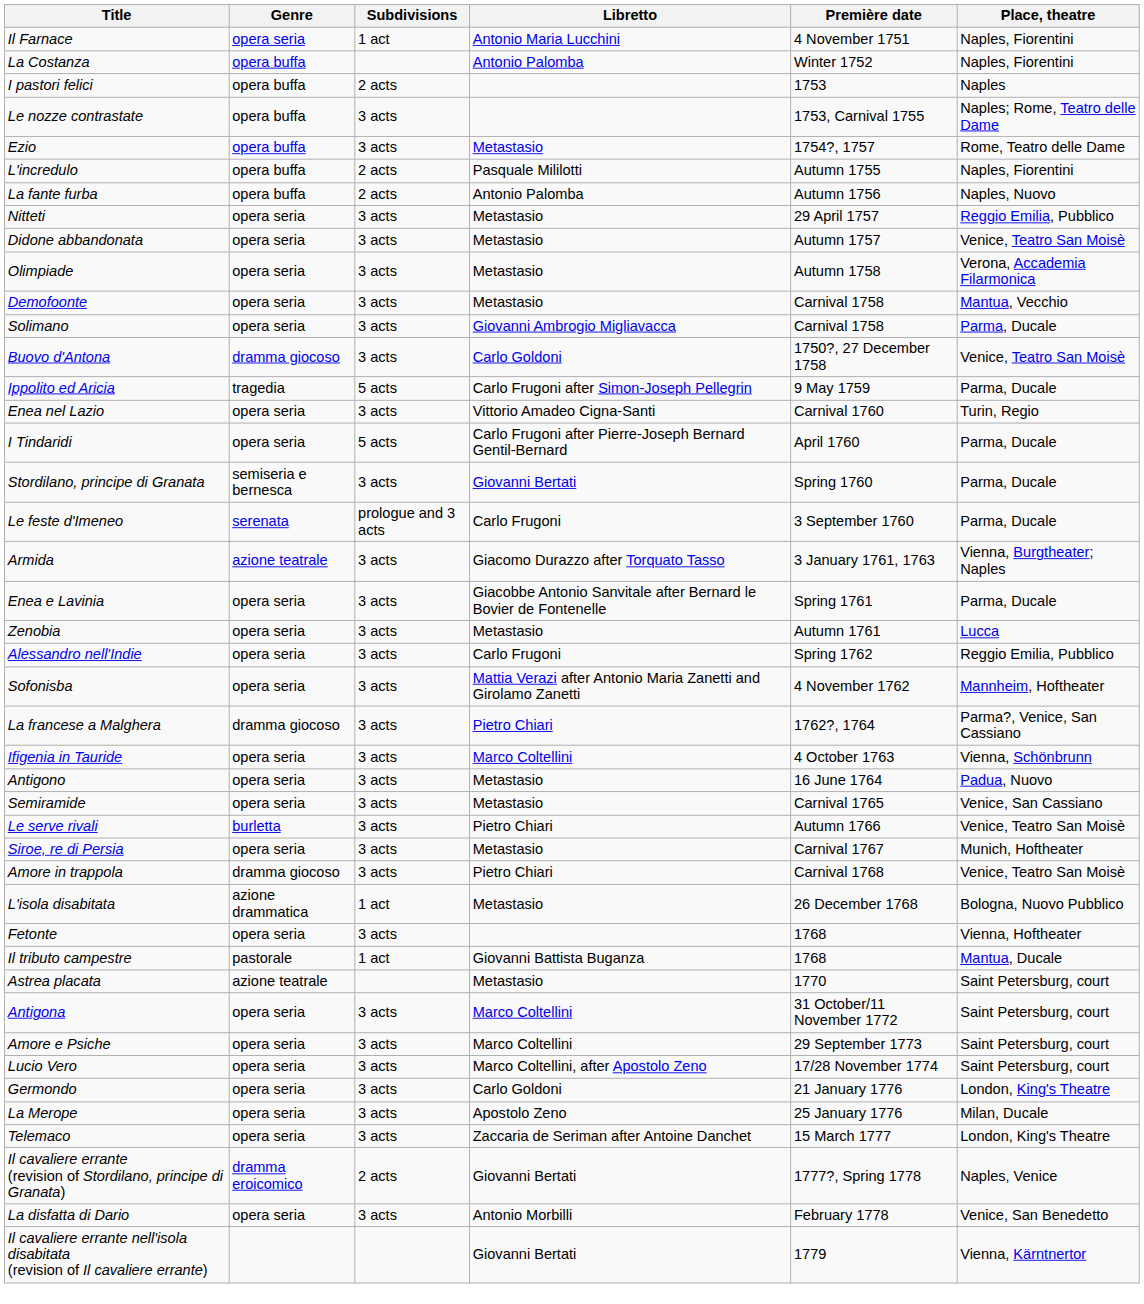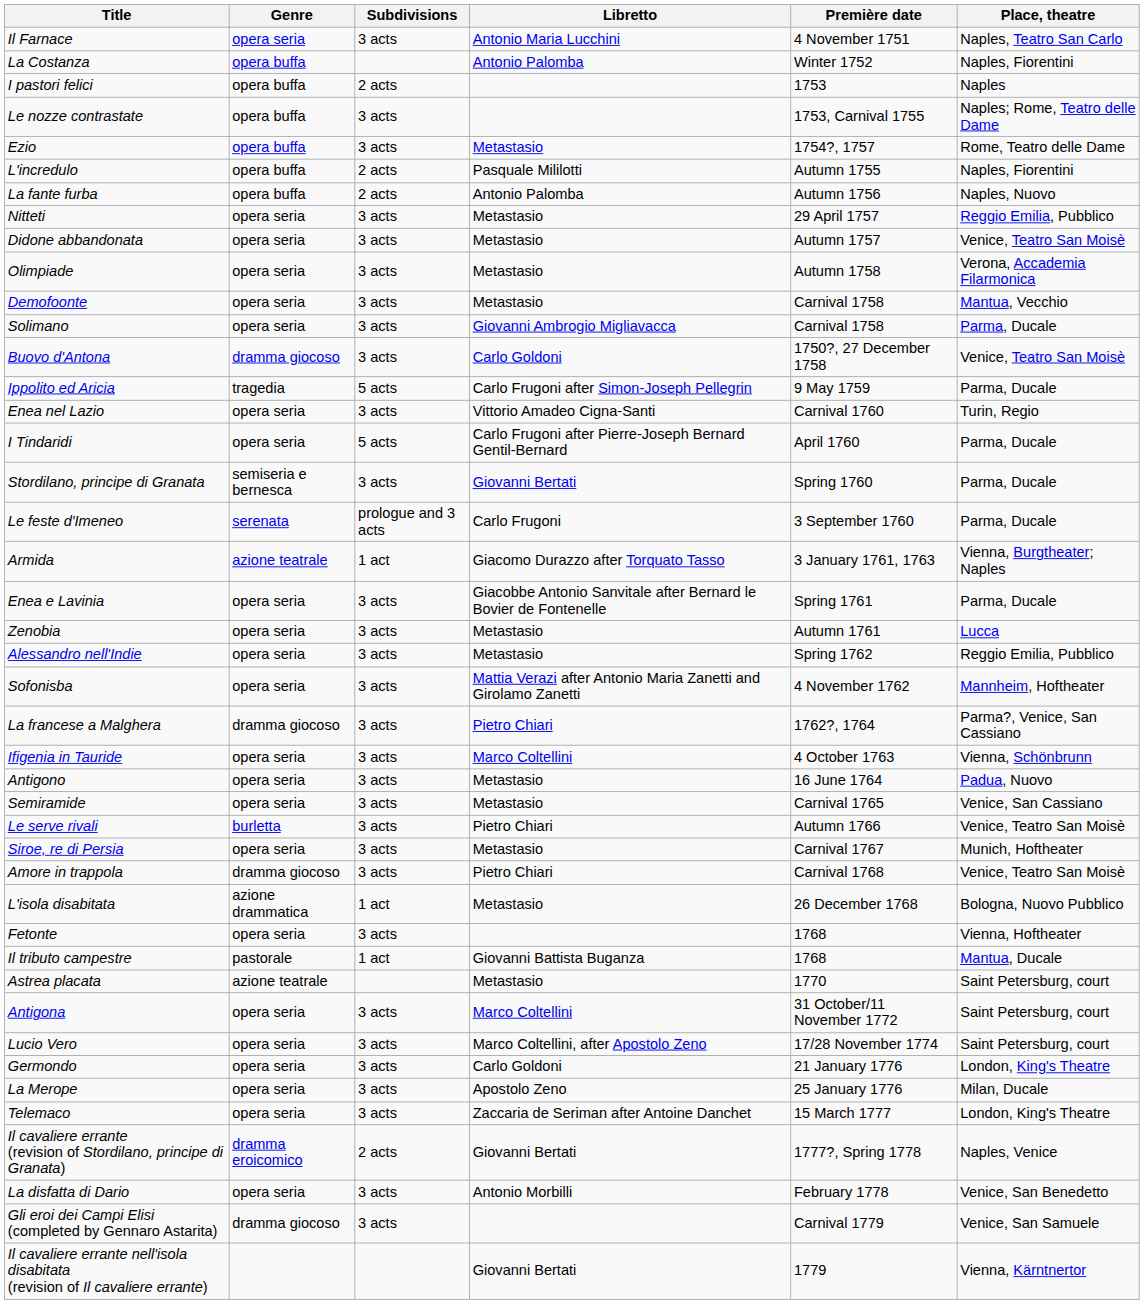 <table class="wikitable sortable">
 <tr>
 <th>Title</th>
 <th>Genre</th>
 <th>Sub­divisions</th>
 <th>Libretto</th>
 <th>Première date</th>
 <th>Place, theatre</th>
 </tr>
 <tr>
 <td><em>Il Farnace</em></td>
 <td><a href='#'>opera seria</a></td>
-<td>1 act</td>
+<td>3 acts</td>
 <td><a href='#'>Antonio Maria Lucchini</a></td>
 <td>4 November 1751</td>
-<td>Naples, Fiorentini</td>
+<td>Naples, <a href='#'>Teatro San Carlo</a></td>
 </tr>
 <tr>
 <td><em>La Costanza</em></td>
 <td><a href='#'>opera buffa</a></td>
 <td> </td>
 <td><a href='#'>Antonio Palomba</a></td>
 <td>Winter 1752</td>
 <td>Naples, Fiorentini</td>
 </tr>
 <tr>
 <td><em>I pastori felici</em></td>
 <td>opera buffa</td>
 <td>2 acts</td>
 <td> </td>
 <td>1753</td>
 <td>Naples</td>
 </tr>
 <tr>
 <td><em>Le nozze contrastate</em></td>
 <td>opera buffa</td>
 <td>3 acts</td>
 <td></td>
 <td>1753, Carnival 1755</td>
 <td>Naples; Rome, <a href='#'>Teatro delle Dame</a></td>
 </tr>
 <tr>
 <td><em>Ezio</em></td>
 <td><a href='#'>opera buffa</a></td>
 <td>3 acts</td>
 <td><a href='#'>Metastasio</a></td>
 <td>1754?, 1757</td>
 <td>Rome, Teatro delle Dame</td>
 </tr>
 <tr>
 <td><em>L'incredulo</em></td>
 <td>opera buffa</td>
 <td>2 acts</td>
 <td>Pasquale Mililotti</td>
 <td>Autumn 1755</td>
 <td>Naples, Fiorentini</td>
 </tr>
 <tr>
 <td><em>La fante furba</em></td>
 <td>opera buffa</td>
 <td>2 acts</td>
 <td>Antonio Palomba</td>
 <td>Autumn 1756</td>
 <td>Naples, Nuovo</td>
 </tr>
 <tr>
 <td><em>Nitteti</em></td>
 <td>opera seria</td>
 <td>3 acts</td>
 <td>Metastasio</td>
 <td>29 April 1757</td>
 <td><a href='#'>Reggio Emilia</a>, Pubblico</td>
 </tr>
 <tr>
 <td><em>Didone abbandonata</em></td>
 <td>opera seria</td>
 <td>3 acts</td>
 <td>Metastasio</td>
 <td>Autumn 1757</td>
 <td>Venice, <a href='#'>Teatro San Moisè</a></td>
 </tr>
 <tr>
 <td><em>Olimpiade</em></td>
 <td>opera seria</td>
 <td>3 acts</td>
 <td>Metastasio</td>
 <td>Autumn 1758</td>
 <td>Verona, <a href='#'>Accademia Filarmonica</a></td>
 </tr>
 <tr>
 <td><em><a href='#'>Demofoonte</a></em></td>
 <td>opera seria</td>
 <td>3 acts</td>
 <td>Metastasio</td>
 <td>Carnival 1758</td>
 <td><a href='#'>Mantua</a>, Vecchio</td>
 </tr>
 <tr>
 <td><em>Solimano</em></td>
 <td>opera seria</td>
 <td>3 acts</td>
 <td><a href='#'>Giovanni Ambrogio Migliavacca</a></td>
 <td>Carnival 1758</td>
 <td><a href='#'>Parma</a>, Ducale</td>
 </tr>
 <tr>
 <td><em><a href='#'>Buovo d'Antona</a></em></td>
 <td><a href='#'>dramma giocoso</a></td>
 <td>3 acts</td>
 <td><a href='#'>Carlo Goldoni</a></td>
 <td>1750?, 27 December 1758</td>
 <td>Venice, <a href='#'>Teatro San Moisè</a></td>
 </tr>
 <tr>
 <td><em><a href='#'>Ippolito ed Aricia</a></em></td>
 <td>tragedia</td>
 <td>5 acts</td>
 <td>Carlo Frugoni after <a href='#'>Simon-Joseph Pellegrin</a></td>
 <td> 9 May 1759</td>
 <td>Parma, Ducale</td>
 </tr>
 <tr>
 <td><em>Enea nel Lazio</em></td>
 <td>opera seria</td>
 <td>3 acts</td>
 <td>Vittorio Amadeo Cigna-Santi</td>
 <td>Carnival 1760</td>
 <td>Turin, Regio</td>
 </tr>
 <tr>
 <td><em>I Tindaridi</em></td>
 <td>opera seria</td>
 <td>5 acts</td>
 <td>Carlo Frugoni after Pierre-Joseph Bernard Gentil-Bernard</td>
 <td>April 1760</td>
 <td>Parma, Ducale</td>
 </tr>
 <tr>
 <td><em>Stordilano, principe di Granata</em></td>
 <td>semiseria e bernesca</td>
 <td>3 acts</td>
 <td><a href='#'>Giovanni Bertati</a></td>
 <td>Spring 1760</td>
 <td>Parma, Ducale</td>
 </tr>
 <tr>
 <td><em>Le feste d'Imeneo</em></td>
 <td><a href='#'>serenata</a></td>
 <td>prologue and 3 acts</td>
 <td>Carlo Frugoni</td>
 <td>3 September 1760</td>
 <td>Parma, Ducale</td>
 </tr>
 <tr>
 <td><em>Armida</em></td>
 <td><a href='#'>azione teatrale</a></td>
-<td>3 acts</td>
+<td>1 act</td>
 <td>Giacomo Durazzo after <a href='#'>Torquato Tasso</a></td>
 <td>3 January 1761, 1763</td>
 <td>Vienna, <a href='#'>Burgtheater</a>; Naples</td>
 </tr>
 <tr>
 <td><em>Enea e Lavinia</em></td>
 <td>opera seria</td>
 <td>3 acts</td>
 <td>Giacobbe Antonio Sanvitale after Bernard le Bovier de Fontenelle</td>
 <td>Spring 1761</td>
 <td>Parma, Ducale</td>
 </tr>
 <tr>
 <td><em>Zenobia</em></td>
 <td>opera seria</td>
 <td>3 acts</td>
 <td>Metastasio</td>
 <td>Autumn 1761</td>
 <td><a href='#'>Lucca</a></td>
 </tr>
 <tr>
 <td><em><a href='#'>Alessandro nell'Indie</a></em></td>
 <td>opera seria</td>
 <td>3 acts</td>
-<td>Carlo Frugoni</td>
+<td>Metastasio</td>
 <td>Spring 1762</td>
 <td>Reggio Emilia, Pubblico</td>
 </tr>
 <tr>
 <td><em>Sofonisba</em></td>
 <td>opera seria</td>
 <td>3 acts</td>
 <td><a href='#'>Mattia Verazi</a> after Antonio Maria Zanetti and Girolamo Zanetti</td>
 <td>4 November 1762</td>
 <td><a href='#'>Mannheim</a>, Hoftheater</td>
 </tr>
 <tr>
 <td><em>La francese a Malghera</em></td>
 <td>dramma giocoso</td>
 <td>3 acts</td>
 <td><a href='#'>Pietro Chiari</a></td>
 <td>1762?, 1764</td>
 <td>Parma?, Venice, San Cassiano</td>
 </tr>
 <tr>
 <td><em><a href='#'>Ifigenia in Tauride</a></em></td>
 <td>opera seria</td>
 <td>3 acts</td>
 <td><a href='#'>Marco Coltellini</a></td>
 <td>4 October 1763</td>
 <td>Vienna, <a href='#'>Schönbrunn</a></td>
 </tr>
 <tr>
 <td><em>Antigono</em></td>
 <td>opera seria</td>
 <td>3 acts</td>
 <td>Metastasio</td>
 <td>16 June 1764</td>
 <td><a href='#'>Padua</a>, Nuovo</td>
 </tr>
 <tr>
 <td><em>Semiramide</em></td>
 <td>opera seria</td>
 <td>3 acts</td>
 <td>Metastasio</td>
 <td>Carnival 1765</td>
 <td>Venice, San Cassiano</td>
 </tr>
 <tr>
 <td><em><a href='#'>Le serve rivali</a></em></td>
 <td><a href='#'>burletta</a></td>
 <td>3 acts</td>
 <td>Pietro Chiari</td>
 <td>Autumn 1766</td>
 <td>Venice, Teatro San Moisè</td>
 </tr>
 <tr>
 <td><em><a href='#'>Siroe, re di Persia</a></em></td>
 <td>opera seria</td>
 <td>3 acts</td>
 <td>Metastasio</td>
 <td>Carnival 1767</td>
 <td>Munich, Hoftheater</td>
 </tr>
 <tr>
 <td><em>Amore in trappola</em></td>
 <td>dramma giocoso</td>
 <td>3 acts</td>
 <td>Pietro Chiari</td>
 <td>Carnival 1768</td>
 <td>Venice, Teatro San Moisè</td>
 </tr>
 <tr>
 <td><em>L'isola disabitata</em></td>
 <td>azione drammatica</td>
 <td>1 act</td>
 <td>Metastasio</td>
 <td>26 December 1768</td>
 <td>Bologna, Nuovo Pubblico</td>
 </tr>
 <tr>
 <td><em>Fetonte</em></td>
 <td>opera seria</td>
 <td>3 acts</td>
 <td> </td>
 <td>1768</td>
 <td>Vienna, Hoftheater</td>
 </tr>
 <tr>
 <td><em>Il tributo campestre</em></td>
 <td>pastorale</td>
 <td>1 act</td>
 <td>Giovanni Battista Buganza</td>
 <td>1768</td>
 <td><a href='#'>Mantua</a>, Ducale</td>
 </tr>
 <tr>
 <td><em>Astrea placata</em></td>
 <td>azione teatrale</td>
 <td> </td>
 <td>Metastasio</td>
 <td>1770</td>
 <td>Saint Petersburg, court</td>
 </tr>
 <tr>
 <td><em><a href='#'>Antigona</a></em></td>
 <td>opera seria</td>
 <td>3 acts</td>
 <td><a href='#'>Marco Coltellini</a></td>
 <td>31 October/11 November 1772</td>
 <td>Saint Petersburg, court</td>
 </tr>
 <tr>
-<td><em>Amore e Psiche</em></td>
-<td>opera seria</td>
-<td>3 acts</td>
-<td>Marco Coltellini</td>
-<td>29 September 1773</td>
-<td>Saint Petersburg, court</td>
-</tr>
-<tr>
 <td><em>Lucio Vero</em></td>
 <td>opera seria</td>
 <td>3 acts</td>
 <td>Marco Coltellini, after <a href='#'>Apostolo Zeno</a></td>
 <td>17/28 November 1774</td>
 <td>Saint Petersburg, court</td>
 </tr>
 <tr>
 <td><em>Germondo</em></td>
 <td>opera seria</td>
 <td>3 acts</td>
 <td>Carlo Goldoni</td>
 <td>21 January 1776</td>
 <td>London, <a href='#'>King's Theatre</a></td>
 </tr>
 <tr>
 <td><em>La Merope</em></td>
 <td>opera seria</td>
 <td>3 acts</td>
 <td>Apostolo Zeno</td>
 <td>25 January 1776</td>
 <td>Milan, Ducale</td>
 </tr>
 <tr>
 <td><em>Telemaco</em></td>
 <td>opera seria</td>
 <td>3 acts</td>
 <td>Zaccaria de Seriman after Antoine Danchet</td>
 <td>15 March 1777</td>
 <td>London, King's Theatre</td>
 </tr>
 <tr>
 <td><em>Il cavaliere errante</em><br>(revision of <em>Stordilano, principe di Granata</em>)</td>
 <td><a href='#'>dramma eroicomico</a></td>
 <td>2 acts</td>
 <td>Giovanni Bertati</td>
 <td>1777?, Spring 1778</td>
 <td>Naples, Venice</td>
 </tr>
 <tr>
 <td><em>La disfatta di Dario</em></td>
 <td>opera seria</td>
 <td>3 acts</td>
 <td>Antonio Morbilli</td>
 <td>February 1778</td>
 <td>Venice, San Benedetto</td>
 </tr>
 <tr>
+<td><em>Gli eroi dei Campi Elisi</em><br>(completed by Gennaro Astarita)</td>
+<td>dramma giocoso</td>
+<td>3 acts</td>
+<td> </td>
+<td>Carnival 1779</td>
+<td>Venice, San Samuele</td>
+</tr>
+<tr>
 <td><em>Il cavaliere errante nell'isola disabitata</em><br>(revision of <em>Il cavaliere errante</em>)</td>
 <td> </td>
 <td> </td>
 <td>Giovanni Bertati</td>
 <td>1779</td>
 <td>Vienna, <a href='#'>Kärntnertor</a></td>
 </tr>
 </table>
